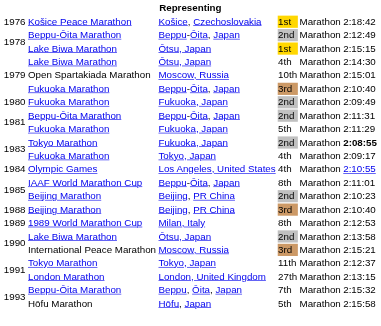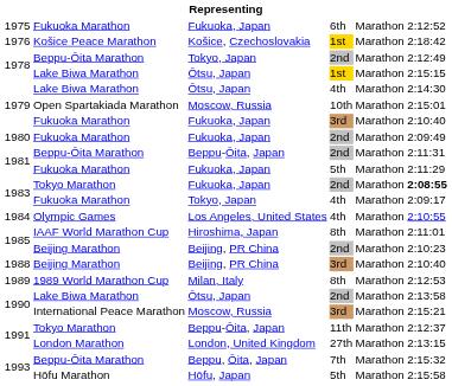 <table>
 <tr>
 <th colspan="6">Representing </th>
+</tr>
+<tr>
+<td>1975</td>
+<td><a href='#'>Fukuoka Marathon</a></td>
+<td><a href='#'>Fukuoka, Japan</a></td>
+<td>6th</td>
+<td>Marathon</td>
+<td>2:12:52</td>
 </tr>
 <tr>
 <td>1976</td>
 <td><a href='#'>Košice Peace Marathon</a></td>
 <td><a href='#'>Košice</a>, <a href='#'>Czechoslovakia</a></td>
 <td style="background:gold;">1st</td>
 <td>Marathon</td>
 <td>2:18:42</td>
 </tr>
 <tr>
 <td rowspan=2>1978</td>
 <td><a href='#'>Beppu-Ōita Marathon</a></td>
-<td><a href='#'>Beppu</a>-<a href='#'>Ōita</a>, <a href='#'>Japan</a></td>
+<td><a href='#'>Tokyo, Japan</a></td>
 <td style="background:silver;">2nd</td>
 <td>Marathon</td>
 <td>2:12:49</td>
 </tr>
 <tr>
 <td><a href='#'>Lake Biwa Marathon</a></td>
 <td><a href='#'>Ōtsu, Japan</a></td>
 <td style="background:gold;">1st</td>
 <td>Marathon</td>
 <td>2:15:15</td>
 </tr>
 <tr>
 <td rowspan=3>1979</td>
 <td><a href='#'>Lake Biwa Marathon</a></td>
 <td><a href='#'>Ōtsu, Japan</a></td>
 <td>4th</td>
 <td>Marathon</td>
 <td>2:14:30</td>
 </tr>
 <tr>
 <td>Open Spartakiada Marathon</td>
 <td><a href='#'>Moscow, Russia</a></td>
 <td>10th</td>
 <td>Marathon</td>
 <td>2:15:01</td>
 </tr>
 <tr>
 <td><a href='#'>Fukuoka Marathon</a></td>
-<td><a href='#'>Beppu</a>-<a href='#'>Ōita</a>, <a href='#'>Japan</a></td>
+<td><a href='#'>Fukuoka, Japan</a></td>
 <td style="background:#c96">3rd</td>
 <td>Marathon</td>
 <td>2:10:40</td>
 </tr>
 <tr>
 <td>1980</td>
 <td><a href='#'>Fukuoka Marathon</a></td>
 <td><a href='#'>Fukuoka, Japan</a></td>
 <td style="background:silver">2nd</td>
 <td>Marathon</td>
 <td>2:09:49</td>
 </tr>
 <tr>
 <td rowspan=2>1981</td>
 <td><a href='#'>Beppu-Ōita Marathon</a></td>
 <td><a href='#'>Beppu</a>-<a href='#'>Ōita</a>, <a href='#'>Japan</a></td>
 <td style="background:silver">2nd</td>
 <td>Marathon</td>
 <td>2:11:31</td>
 </tr>
 <tr>
 <td><a href='#'>Fukuoka Marathon</a></td>
 <td><a href='#'>Fukuoka, Japan</a></td>
 <td>5th</td>
 <td>Marathon</td>
 <td>2:11:29</td>
 </tr>
 <tr>
 <td rowspan=2>1983</td>
 <td><a href='#'>Tokyo Marathon</a></td>
 <td><a href='#'>Fukuoka, Japan</a></td>
 <td style="background:silver">2nd</td>
 <td>Marathon</td>
 <td><strong>2:08:55</strong></td>
 </tr>
 <tr>
 <td><a href='#'>Fukuoka Marathon</a></td>
 <td><a href='#'>Tokyo, Japan</a></td>
 <td>4th</td>
 <td>Marathon</td>
 <td>2:09:17</td>
 </tr>
 <tr>
 <td>1984</td>
 <td><a href='#'>Olympic Games</a></td>
 <td><a href='#'>Los Angeles, United States</a></td>
 <td>4th</td>
 <td>Marathon</td>
 <td><a href='#'>2:10:55</a></td>
 </tr>
 <tr>
 <td rowspan=2>1985</td>
 <td><a href='#'>IAAF World Marathon Cup</a></td>
-<td><a href='#'>Beppu</a>-<a href='#'>Ōita</a>, <a href='#'>Japan</a></td>
+<td><a href='#'>Hiroshima, Japan</a></td>
 <td>8th</td>
 <td>Marathon</td>
 <td>2:11:01</td>
 </tr>
 <tr>
 <td><a href='#'>Beijing Marathon</a></td>
 <td><a href='#'>Beijing</a>, <a href='#'>PR China</a></td>
 <td style="background:silver">2nd</td>
 <td>Marathon</td>
 <td>2:10:23</td>
 </tr>
 <tr>
 <td>1988</td>
 <td><a href='#'>Beijing Marathon</a></td>
 <td><a href='#'>Beijing</a>, <a href='#'>PR China</a></td>
 <td style="background:#c96;">3rd</td>
 <td>Marathon</td>
 <td>2:10:40</td>
 </tr>
 <tr>
 <td>1989</td>
 <td><a href='#'>1989 World Marathon Cup</a></td>
 <td><a href='#'>Milan, Italy</a></td>
 <td>8th</td>
 <td>Marathon</td>
 <td>2:12:53</td>
 </tr>
 <tr>
 <td rowspan=2>1990</td>
 <td><a href='#'>Lake Biwa Marathon</a></td>
 <td><a href='#'>Ōtsu, Japan</a></td>
 <td bgcolor="silver">2nd</td>
 <td>Marathon</td>
 <td>2:13:58</td>
 </tr>
 <tr>
 <td>International Peace Marathon</td>
 <td><a href='#'>Moscow, Russia</a></td>
 <td bgcolor="cc9966">3rd</td>
 <td>Marathon</td>
 <td>2:15:21</td>
 </tr>
 <tr>
 <td rowspan=2>1991</td>
 <td><a href='#'>Tokyo Marathon</a></td>
-<td><a href='#'>Tokyo, Japan</a></td>
+<td><a href='#'>Beppu</a>-<a href='#'>Ōita</a>, <a href='#'>Japan</a></td>
 <td>11th</td>
 <td>Marathon</td>
 <td>2:12:37</td>
 </tr>
 <tr>
 <td><a href='#'>London Marathon</a></td>
 <td><a href='#'>London, United Kingdom</a></td>
 <td>27th</td>
 <td>Marathon</td>
 <td>2:13:15</td>
 </tr>
 <tr>
 <td rowspan=2>1993</td>
 <td><a href='#'>Beppu-Ōita Marathon</a></td>
 <td><a href='#'>Beppu</a>, <a href='#'>Ōita</a>, <a href='#'>Japan</a></td>
 <td>7th</td>
 <td>Marathon</td>
 <td>2:15:32</td>
 </tr>
 <tr>
 <td>Hōfu Marathon</td>
 <td><a href='#'>Hōfu</a>, <a href='#'>Japan</a></td>
 <td>5th</td>
 <td>Marathon</td>
 <td>2:15:58</td>
 </tr>
 </table>
